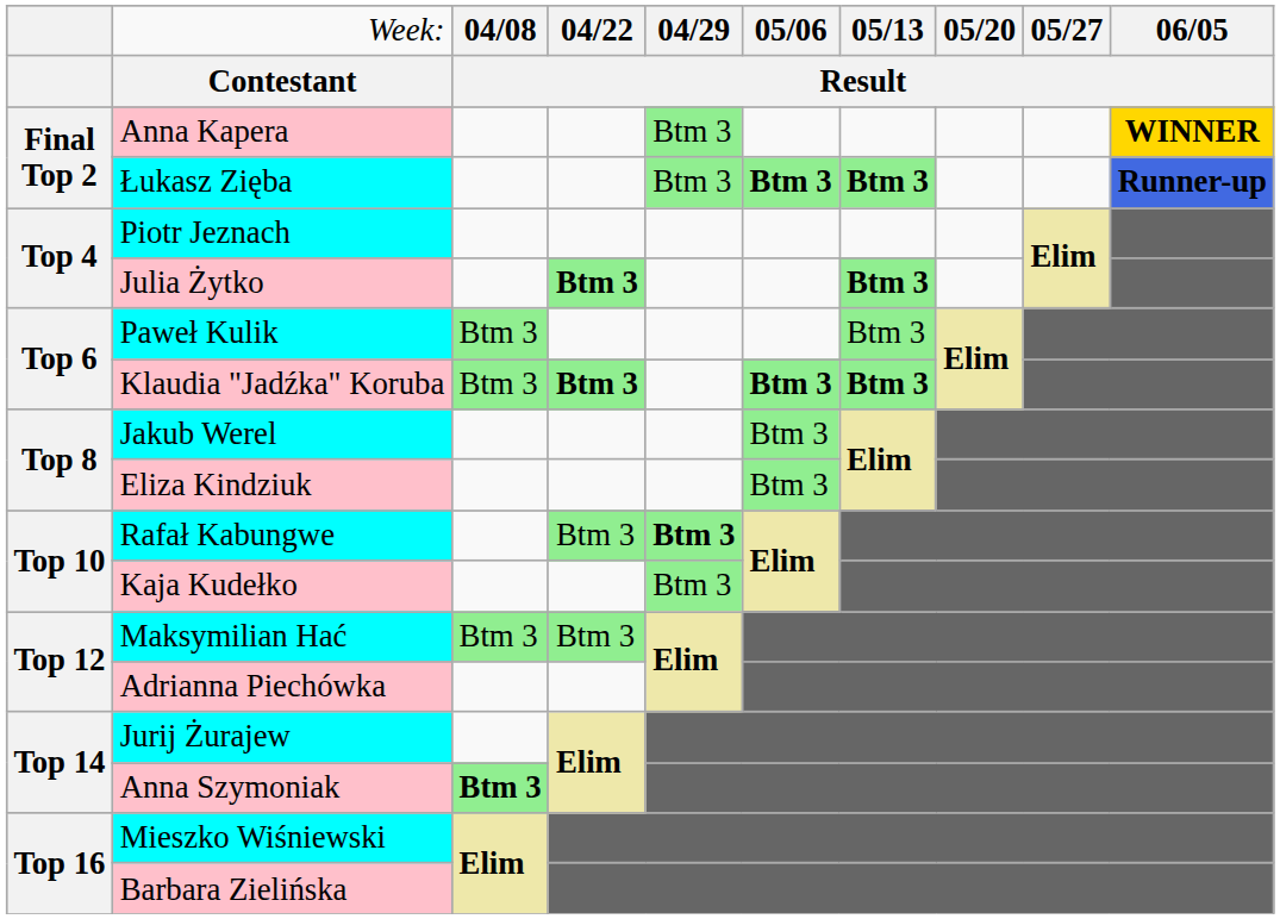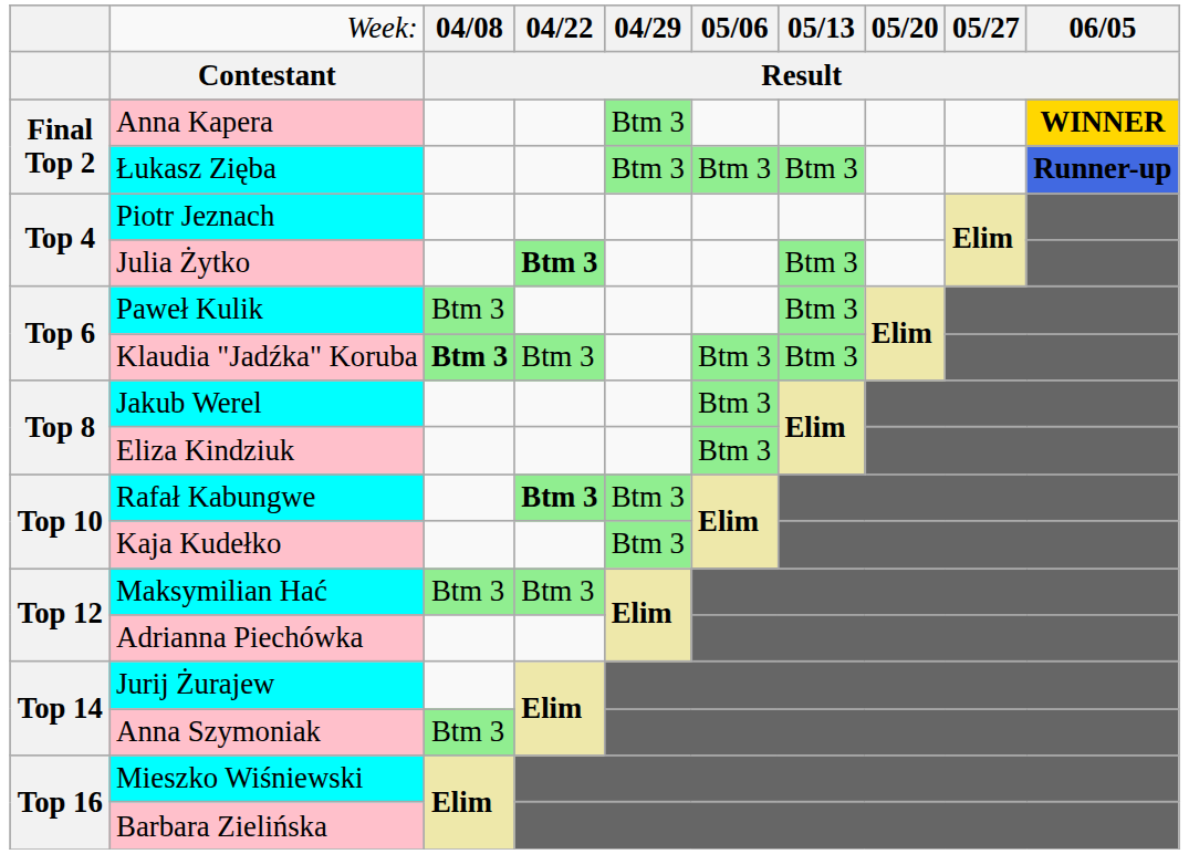 <table class="wikitable" style="margin:1em auto;">
 <tr>
 <th></th>
 <td align="right"><em>Week:</em></td>
 <th>04/08</th>
 <th>04/22</th>
 <th>04/29</th>
 <th>05/06</th>
 <th>05/13</th>
 <th>05/20</th>
 <th>05/27</th>
 <th>06/05</th>
 </tr>
 <tr>
 <th></th>
 <th>Contestant</th>
 <th colspan="8" align="center">Result</th>
 </tr>
 <tr>
 <th rowspan="2">Final<br>Top 2</th>
 <td bgcolor="pink">Anna Kapera</td>
 <td></td>
 <td></td>
 <td style="background:lightgreen;">Btm 3</td>
 <td></td>
 <td></td>
 <td></td>
 <td></td>
 <td bgcolor="gold" align="center"><strong>WINNER</strong></td>
 </tr>
 <tr>
 <td bgcolor="cyan">Łukasz Zięba</td>
 <td></td>
 <td></td>
 <td style="background:lightgreen;">Btm 3</td>
-<td style="background:lightgreen;"><strong>Btm 3</strong></td>
-<td style="background:lightgreen;"><strong>Btm 3</strong></td>
+<td style="background:lightgreen;">Btm 3</td>
+<td style="background:lightgreen;">Btm 3</td>
 <td></td>
 <td></td>
 <td bgcolor="royalblue" align="center"><strong>Runner-up</strong></td>
 </tr>
 <tr>
 <th rowspan="2">Top 4</th>
 <td bgcolor="cyan">Piotr Jeznach</td>
 <td></td>
 <td></td>
 <td></td>
 <td></td>
 <td></td>
 <td></td>
 <td rowspan="2" bgcolor="palegoldenrod"><strong>Elim</strong></td>
 <td colspan bgcolor="666666"></td>
 </tr>
 <tr>
 <td bgcolor="pink">Julia Żytko</td>
 <td></td>
 <td style="background:lightgreen;"><strong>Btm 3</strong></td>
 <td></td>
 <td></td>
-<td style="background:lightgreen;"><strong>Btm 3</strong></td>
+<td style="background:lightgreen;">Btm 3</td>
 <td></td>
 <td bgcolor="666666"></td>
 </tr>
 <tr>
 <th rowspan="2">Top 6</th>
 <td bgcolor="cyan">Paweł Kulik</td>
 <td style="background:lightgreen;">Btm 3</td>
 <td></td>
 <td></td>
 <td></td>
 <td style="background:lightgreen;">Btm 3</td>
 <td rowspan="2" bgcolor="palegoldenrod"><strong>Elim</strong></td>
 <td colspan="2" bgcolor="666666"></td>
 </tr>
 <tr>
 <td bgcolor="pink">Klaudia "Jadźka" Koruba</td>
+<td style="background:lightgreen;"><strong>Btm 3</strong></td>
 <td style="background:lightgreen;">Btm 3</td>
-<td style="background:lightgreen;"><strong>Btm 3</strong></td>
 <td></td>
-<td style="background:lightgreen;"><strong>Btm 3</strong></td>
-<td style="background:lightgreen;"><strong>Btm 3</strong></td>
+<td style="background:lightgreen;">Btm 3</td>
+<td style="background:lightgreen;">Btm 3</td>
 <td colspan="2" bgcolor="666666"></td>
 </tr>
 <tr>
 <th rowspan="2">Top 8</th>
 <td bgcolor="cyan">Jakub Werel</td>
 <td></td>
 <td></td>
 <td></td>
 <td style="background:lightgreen;">Btm 3</td>
 <td rowspan="2" bgcolor="palegoldenrod"><strong>Elim</strong></td>
 <td colspan="3" bgcolor="666666"></td>
 </tr>
 <tr>
 <td bgcolor="pink">Eliza Kindziuk</td>
 <td></td>
 <td></td>
 <td></td>
 <td style="background:lightgreen;">Btm 3</td>
 <td colspan="3" bgcolor="666666"></td>
 </tr>
 <tr>
 <th rowspan="2">Top 10</th>
 <td bgcolor="cyan">Rafał Kabungwe</td>
 <td></td>
+<td style="background:lightgreen;"><strong>Btm 3</strong></td>
 <td style="background:lightgreen;">Btm 3</td>
-<td style="background:lightgreen;"><strong>Btm 3</strong></td>
 <td rowspan="2" bgcolor="palegoldenrod"><strong>Elim</strong></td>
 <td colspan="4" bgcolor="666666"></td>
 </tr>
 <tr>
 <td bgcolor="pink">Kaja Kudełko</td>
 <td></td>
 <td></td>
 <td style="background:lightgreen;">Btm 3</td>
 <td colspan="4" bgcolor="666666"></td>
 </tr>
 <tr>
 <th rowspan="2">Top 12</th>
 <td bgcolor="cyan">Maksymilian Hać</td>
 <td style="background:lightgreen;">Btm 3</td>
 <td style="background:lightgreen;">Btm 3</td>
 <td rowspan="2" bgcolor="palegoldenrod"><strong>Elim</strong></td>
 <td colspan="5" bgcolor="666666"></td>
 </tr>
 <tr>
 <td bgcolor="pink">Adrianna Piechówka</td>
 <td></td>
 <td></td>
 <td colspan="5" bgcolor="666666"></td>
 </tr>
 <tr>
 <th rowspan="2">Top 14</th>
 <td bgcolor="cyan">Jurij Żurajew</td>
 <td></td>
 <td rowspan="2" bgcolor="palegoldenrod"><strong>Elim</strong></td>
 <td colspan="6" bgcolor="666666"></td>
 </tr>
 <tr>
 <td bgcolor="pink">Anna Szymoniak</td>
-<td style="background:lightgreen;"><strong>Btm 3</strong></td>
+<td style="background:lightgreen;">Btm 3</td>
 <td colspan="6" bgcolor="666666"></td>
 </tr>
 <tr>
 <th rowspan="2">Top 16</th>
 <td bgcolor="cyan">Mieszko Wiśniewski</td>
 <td rowspan="2" bgcolor="palegoldenrod"><strong>Elim</strong></td>
 <td colspan="7" bgcolor="666666"></td>
 </tr>
 <tr>
 <td bgcolor="pink">Barbara Zielińska</td>
 <td colspan="7" bgcolor="666666"></td>
 </tr>
 </table>
